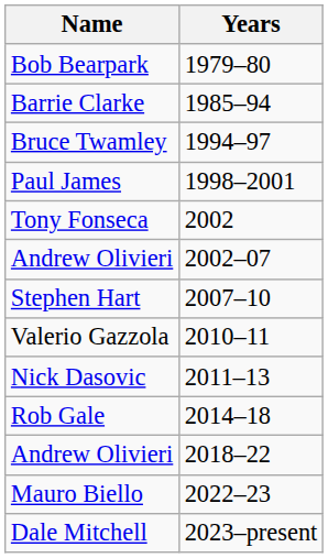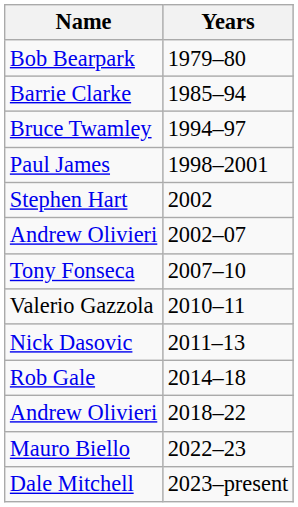 <table class="wikitable" style="text-align: center">
 <tr>
 <th>Name</th>
 <th>Years</th>
 </tr>
 <tr>
 <td align="left"><a href='#'>Bob Bearpark</a></td>
 <td align="left">1979–80</td>
 </tr>
 <tr>
 <td align="left"><a href='#'>Barrie Clarke</a></td>
 <td align="left">1985–94</td>
 </tr>
 <tr>
 <td align="left"><a href='#'>Bruce Twamley</a></td>
 <td align="left">1994–97</td>
 </tr>
 <tr>
 <td align="left"><a href='#'>Paul James</a></td>
 <td align="left">1998–2001</td>
 </tr>
 <tr>
-<td align="left"><a href='#'>Tony Fonseca</a></td>
+<td align="left"><a href='#'>Stephen Hart</a></td>
 <td align="left">2002</td>
 </tr>
 <tr>
 <td align="left"><a href='#'>Andrew Olivieri</a></td>
 <td align="left">2002–07</td>
 </tr>
 <tr>
-<td align="left"><a href='#'>Stephen Hart</a></td>
+<td align="left"><a href='#'>Tony Fonseca</a></td>
 <td align="left">2007–10</td>
 </tr>
 <tr>
 <td align="left">Valerio Gazzola</td>
 <td align="left">2010–11</td>
 </tr>
 <tr>
 <td align="left"><a href='#'>Nick Dasovic</a></td>
 <td align="left">2011–13</td>
 </tr>
 <tr>
 <td align="left"><a href='#'>Rob Gale</a></td>
 <td align="left">2014–18</td>
 </tr>
 <tr>
 <td align="left"><a href='#'>Andrew Olivieri</a></td>
 <td align="left">2018–22</td>
 </tr>
 <tr>
 <td align="left"><a href='#'>Mauro Biello</a></td>
 <td align="left">2022–23</td>
 </tr>
 <tr>
 <td align="left"><a href='#'>Dale Mitchell</a></td>
 <td align="left">2023–present</td>
 </tr>
 </table>
